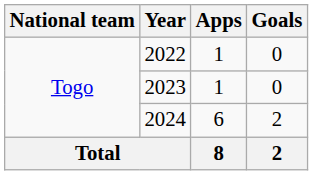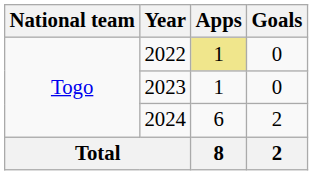 <table class="wikitable" style="text-align:center">
 <tr>
 <th>National team</th>
 <th>Year</th>
 <th>Apps</th>
 <th>Goals</th>
 </tr>
 <tr>
 <td rowspan="3"><a href='#'>Togo</a></td>
 <td>2022</td>
-<td>1</td>
+<td style="background: khaki;">1</td>
 <td>0</td>
 </tr>
 <tr>
 <td>2023</td>
 <td>1</td>
 <td>0</td>
 </tr>
 <tr>
 <td>2024</td>
 <td>6</td>
 <td>2</td>
 </tr>
 <tr>
 <th colspan="2">Total</th>
 <th>8</th>
 <th>2</th>
 </tr>
 </table>
